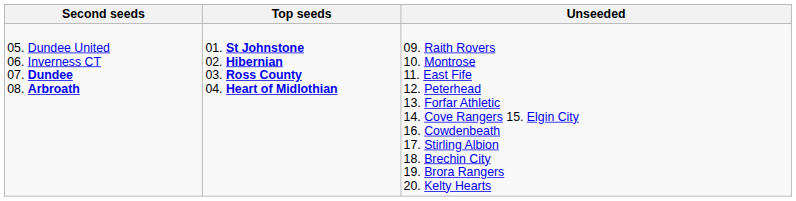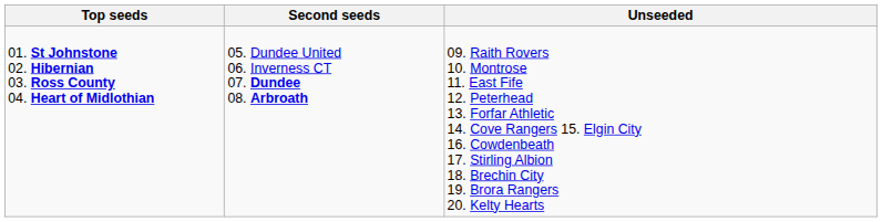 <table class="wikitable">
 <tr>
+<th style="width:250px;">Top seeds</th>
 <th style="width:250px;">Second seeds</th>
-<th style="width:250px;">Top seeds</th>
 <th style="width:500px;">Unseeded</th>
 </tr>
 <tr>
+<td valign=top><br>01. <strong><a href='#'>St Johnstone</a></strong><br> 02. <strong><a href='#'>Hibernian</a></strong><br> 03. <strong><a href='#'>Ross County</a></strong><br> 04. <strong><a href='#'>Heart of Midlothian</a></strong></td>
 <td valign=top><br>05. <a href='#'>Dundee United</a><br> 06. <a href='#'>Inverness CT</a><br> 07. <strong><a href='#'>Dundee</a></strong><br> 08. <strong><a href='#'>Arbroath</a></strong></td>
-<td valign=top><br>01. <strong><a href='#'>St Johnstone</a></strong><br> 02. <strong><a href='#'>Hibernian</a></strong><br> 03. <strong><a href='#'>Ross County</a></strong><br> 04. <strong><a href='#'>Heart of Midlothian</a></strong></td>
 <td valign=top><br>  09. <a href='#'>Raith Rovers</a><br> 10. <a href='#'>Montrose</a><br> 11. <a href='#'>East Fife</a><br> 12. <a href='#'>Peterhead</a><br> 13. <a href='#'>Forfar Athletic</a><br> 14. <a href='#'>Cove Rangers</a>  15. <a href='#'>Elgin City</a><br> 16. <a href='#'>Cowdenbeath</a><br> 17. <a href='#'>Stirling Albion</a><br> 18. <a href='#'>Brechin City</a><br> 19. <a href='#'>Brora Rangers</a><br> 20. <a href='#'>Kelty Hearts</a> </td>
 </tr>
 </table>
